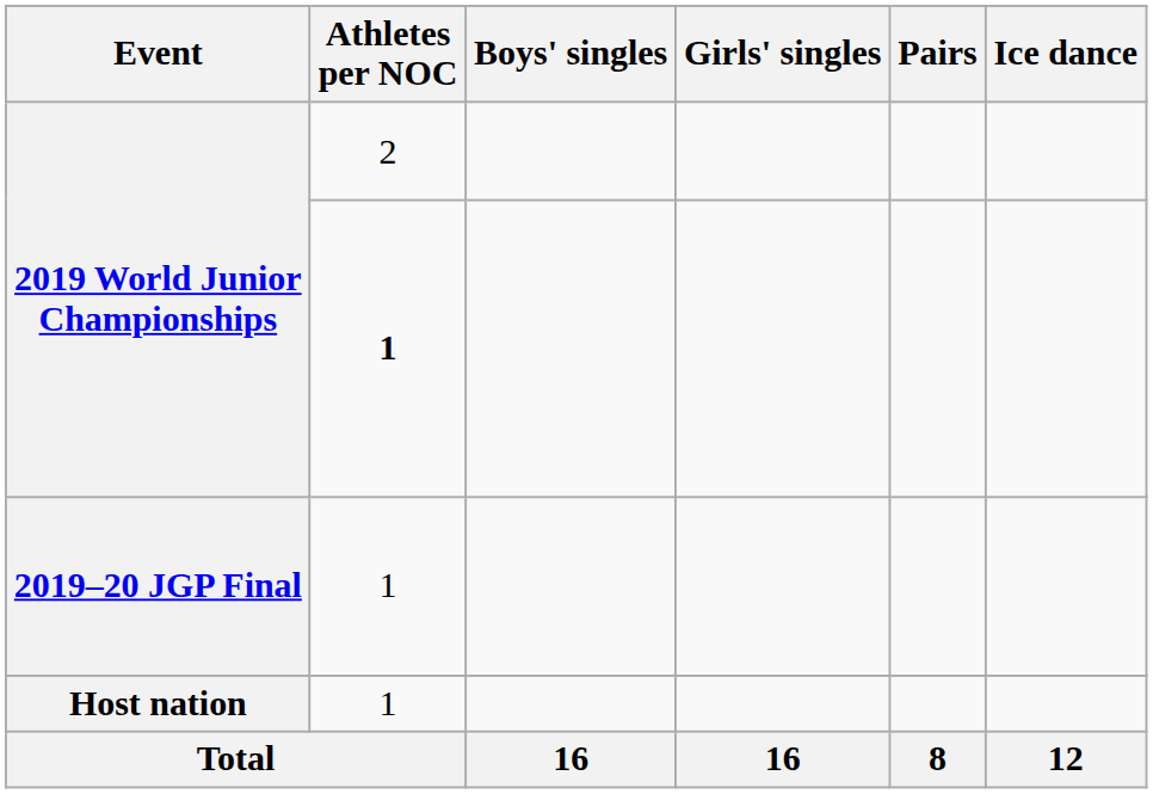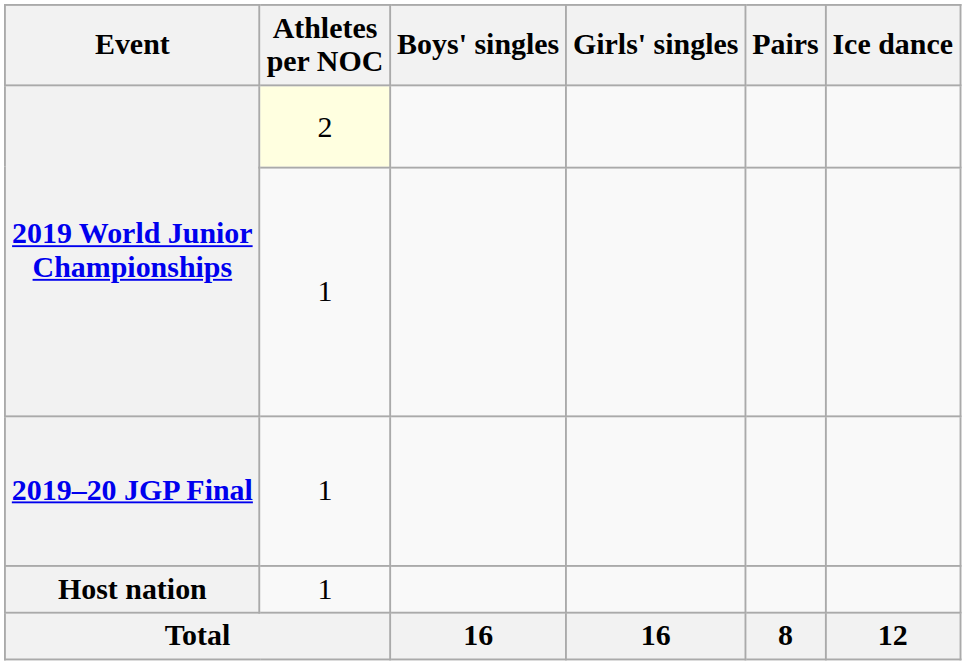 <table class="wikitable unsortable" style="text-align:left">
 <tr>
 <th scope="col">Event</th>
 <th scope="col">Athletes<br>per NOC</th>
 <th scope="col">Boys' singles</th>
 <th scope="col">Girls' singles</th>
 <th scope="col">Pairs</th>
 <th scope="col">Ice dance</th>
 </tr>
 <tr>
 <th scope="row" rowspan="2"><a href='#'>2019 World Junior<br>Championships</a></th>
-<td style="text-align:center">2</td>
+<td style="background: lightyellow; text-align:center">2</td>
 <td valign="top"><br><br></td>
 <td valign="top"><br></td>
 <td valign="top"></td>
 <td valign="top"><br></td>
 </tr>
 <tr>
-<td style="text-align:center"><strong>1</strong></td>
+<td style="text-align:center">1</td>
 <td valign="top"><br><br><br></td>
 <td valign="top"><br><br><br><br><br><br><br></td>
 <td valign="top"><br><br></td>
 <td valign="top"><br><br><br><br></td>
 </tr>
 <tr>
 <th scope="row"><a href='#'>2019–20 JGP Final</a></th>
 <td style="text-align:center">1</td>
 <td valign="top"><br><br><br><br></td>
 <td valign="top"><br><br><br></td>
 <td valign="top"><br><br></td>
 <td valign="top"><br></td>
 </tr>
 <tr>
 <th scope="row">Host nation</th>
 <td style="text-align:center">1</td>
 <td valign="top"></td>
 <td valign="top"></td>
 <td valign="top"></td>
 <td valign="top"></td>
 </tr>
 <tr>
 <th colspan="2">Total</th>
 <th>16</th>
 <th>16</th>
 <th>8</th>
 <th>12</th>
 </tr>
 </table>
